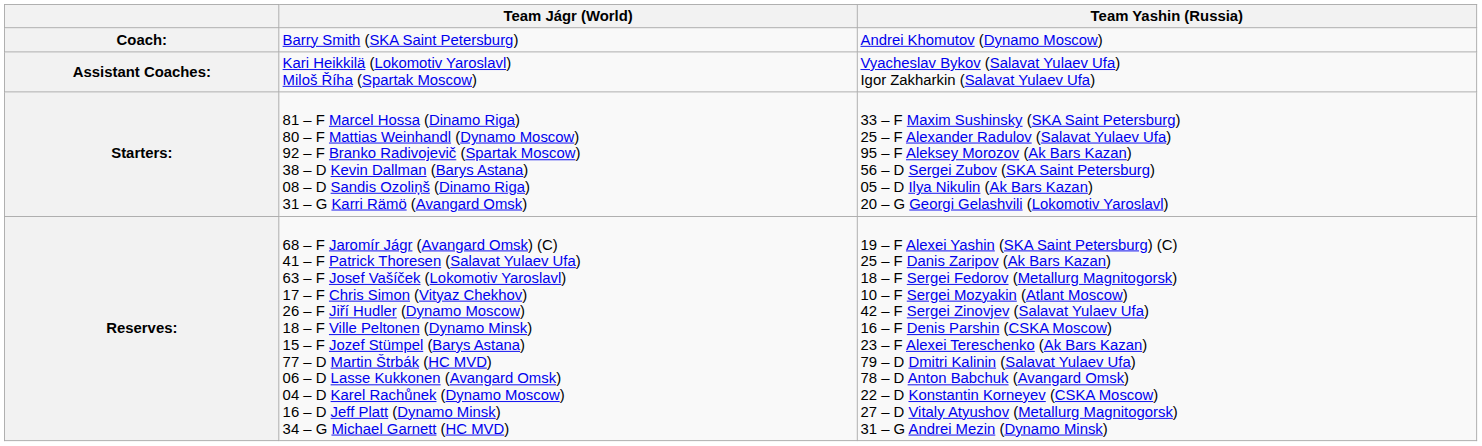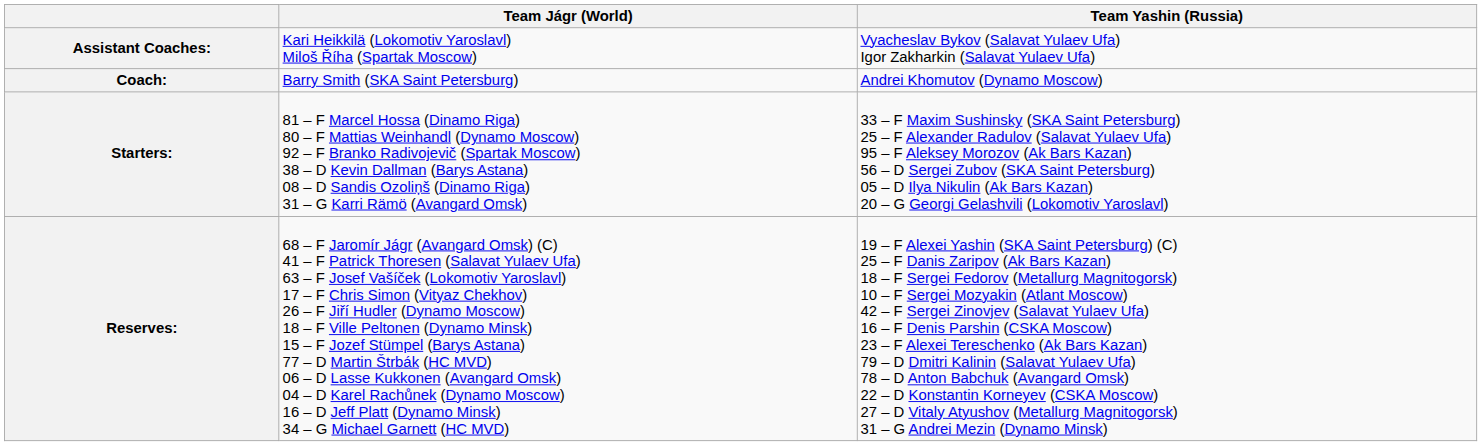 <table class="wikitable" style="width:100%">
 <tr>
 <th></th>
 <th>Team Jágr (World)</th>
 <th>Team Yashin (Russia)</th>
 </tr>
 <tr>
+<th>Assistant Coaches:</th>
+<td> <a href='#'>Kari Heikkilä</a> (<a href='#'>Lokomotiv Yaroslavl</a>)<br> <a href='#'>Miloš Říha</a> (<a href='#'>Spartak Moscow</a>)</td>
+<td> <a href='#'>Vyacheslav Bykov</a> (<a href='#'>Salavat Yulaev Ufa</a>)<br> Igor Zakharkin (<a href='#'>Salavat Yulaev Ufa</a>)</td>
+</tr>
+<tr>
 <th>Coach:</th>
 <td> <a href='#'>Barry Smith</a> (<a href='#'>SKA Saint Petersburg</a>)</td>
 <td> <a href='#'>Andrei Khomutov</a> (<a href='#'>Dynamo Moscow</a>)</td>
-</tr>
-<tr>
-<th>Assistant Coaches:</th>
-<td> <a href='#'>Kari Heikkilä</a> (<a href='#'>Lokomotiv Yaroslavl</a>)<br> <a href='#'>Miloš Říha</a> (<a href='#'>Spartak Moscow</a>)</td>
-<td> <a href='#'>Vyacheslav Bykov</a> (<a href='#'>Salavat Yulaev Ufa</a>)<br> Igor Zakharkin (<a href='#'>Salavat Yulaev Ufa</a>)</td>
 </tr>
 <tr>
 <th>Starters:</th>
 <td><br> 81 – F <a href='#'>Marcel Hossa</a> (<a href='#'>Dinamo Riga</a>)<br>  80 – F <a href='#'>Mattias Weinhandl</a> (<a href='#'>Dynamo Moscow</a>)<br>  92 – F <a href='#'>Branko Radivojevič</a> (<a href='#'>Spartak Moscow</a>)<br>  38 – D <a href='#'>Kevin Dallman</a> (<a href='#'>Barys Astana</a>)<br>  08 – D <a href='#'>Sandis Ozoliņš</a> (<a href='#'>Dinamo Riga</a>)<br>  31 – G <a href='#'>Karri Rämö</a> (<a href='#'>Avangard Omsk</a>)</td>
 <td><br> 33 – F <a href='#'>Maxim Sushinsky</a> (<a href='#'>SKA Saint Petersburg</a>)<br>  25 – F <a href='#'>Alexander Radulov</a> (<a href='#'>Salavat Yulaev Ufa</a>)<br>  95 – F <a href='#'>Aleksey Morozov</a> (<a href='#'>Ak Bars Kazan</a>)<br>  56 – D <a href='#'>Sergei Zubov</a> (<a href='#'>SKA Saint Petersburg</a>)<br>  05 – D <a href='#'>Ilya Nikulin</a> (<a href='#'>Ak Bars Kazan</a>)<br>   20 – G <a href='#'>Georgi Gelashvili</a> (<a href='#'>Lokomotiv Yaroslavl</a>)</td>
 </tr>
 <tr>
 <th>Reserves:</th>
 <td><br> 68 – F <a href='#'>Jaromír Jágr</a> (<a href='#'>Avangard Omsk</a>) (C)<br>  41 – F <a href='#'>Patrick Thoresen</a> (<a href='#'>Salavat Yulaev Ufa</a>)<br>  63 – F <a href='#'>Josef Vašíček</a> (<a href='#'>Lokomotiv Yaroslavl</a>)<br>  17 – F <a href='#'>Chris Simon</a> (<a href='#'>Vityaz Chekhov</a>)<br>  26 – F <a href='#'>Jiří Hudler</a> (<a href='#'>Dynamo Moscow</a>)<br>  18 – F <a href='#'>Ville Peltonen</a> (<a href='#'>Dynamo Minsk</a>)<br>  15 – F <a href='#'>Jozef Stümpel</a> (<a href='#'>Barys Astana</a>)<br>  77 – D <a href='#'>Martin Štrbák</a> (<a href='#'>HC MVD</a>)<br>  06 – D <a href='#'>Lasse Kukkonen</a> (<a href='#'>Avangard Omsk</a>)<br>  04 – D <a href='#'>Karel Rachůnek</a> (<a href='#'>Dynamo Moscow</a>)<br>  16 – D <a href='#'>Jeff Platt</a> (<a href='#'>Dynamo Minsk</a>)<br>  34 – G <a href='#'>Michael Garnett</a> (<a href='#'>HC MVD</a>)<br></td>
 <td><br> 19 – F <a href='#'>Alexei Yashin</a> (<a href='#'>SKA Saint Petersburg</a>) (C)<br>  25 – F <a href='#'>Danis Zaripov</a> (<a href='#'>Ak Bars Kazan</a>)<br>  18 – F <a href='#'>Sergei Fedorov</a> (<a href='#'>Metallurg Magnitogorsk</a>)<br>  10 – F <a href='#'>Sergei Mozyakin</a> (<a href='#'>Atlant Moscow</a>)<br>  42 – F <a href='#'>Sergei Zinovjev</a> (<a href='#'>Salavat Yulaev Ufa</a>)<br>  16 – F <a href='#'>Denis Parshin</a> (<a href='#'>CSKA Moscow</a>)<br>  23 – F <a href='#'>Alexei Tereschenko</a> (<a href='#'>Ak Bars Kazan</a>)<br>  79 – D <a href='#'>Dmitri Kalinin</a> (<a href='#'>Salavat Yulaev Ufa</a>)<br>  78 – D <a href='#'>Anton Babchuk</a> (<a href='#'>Avangard Omsk</a>)<br>  22 – D <a href='#'>Konstantin Korneyev</a> (<a href='#'>CSKA Moscow</a>)<br>  27 – D <a href='#'>Vitaly Atyushov</a> (<a href='#'>Metallurg Magnitogorsk</a>)<br>  31 – G <a href='#'>Andrei Mezin</a> (<a href='#'>Dynamo Minsk</a>)<br></td>
 </tr>
 </table>
